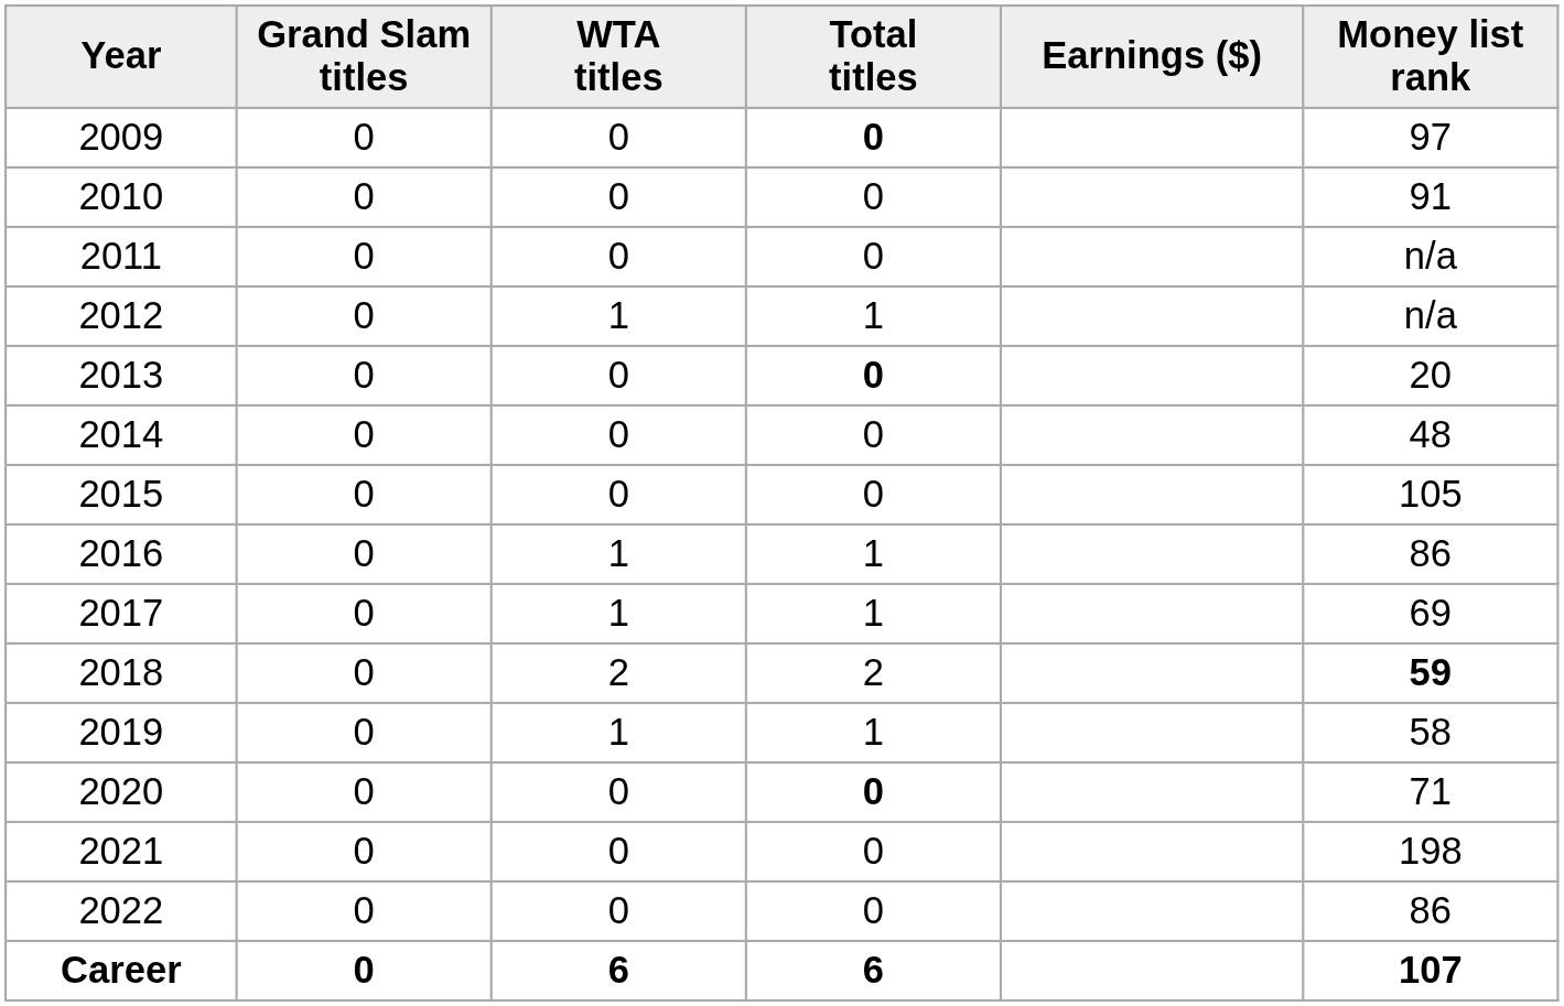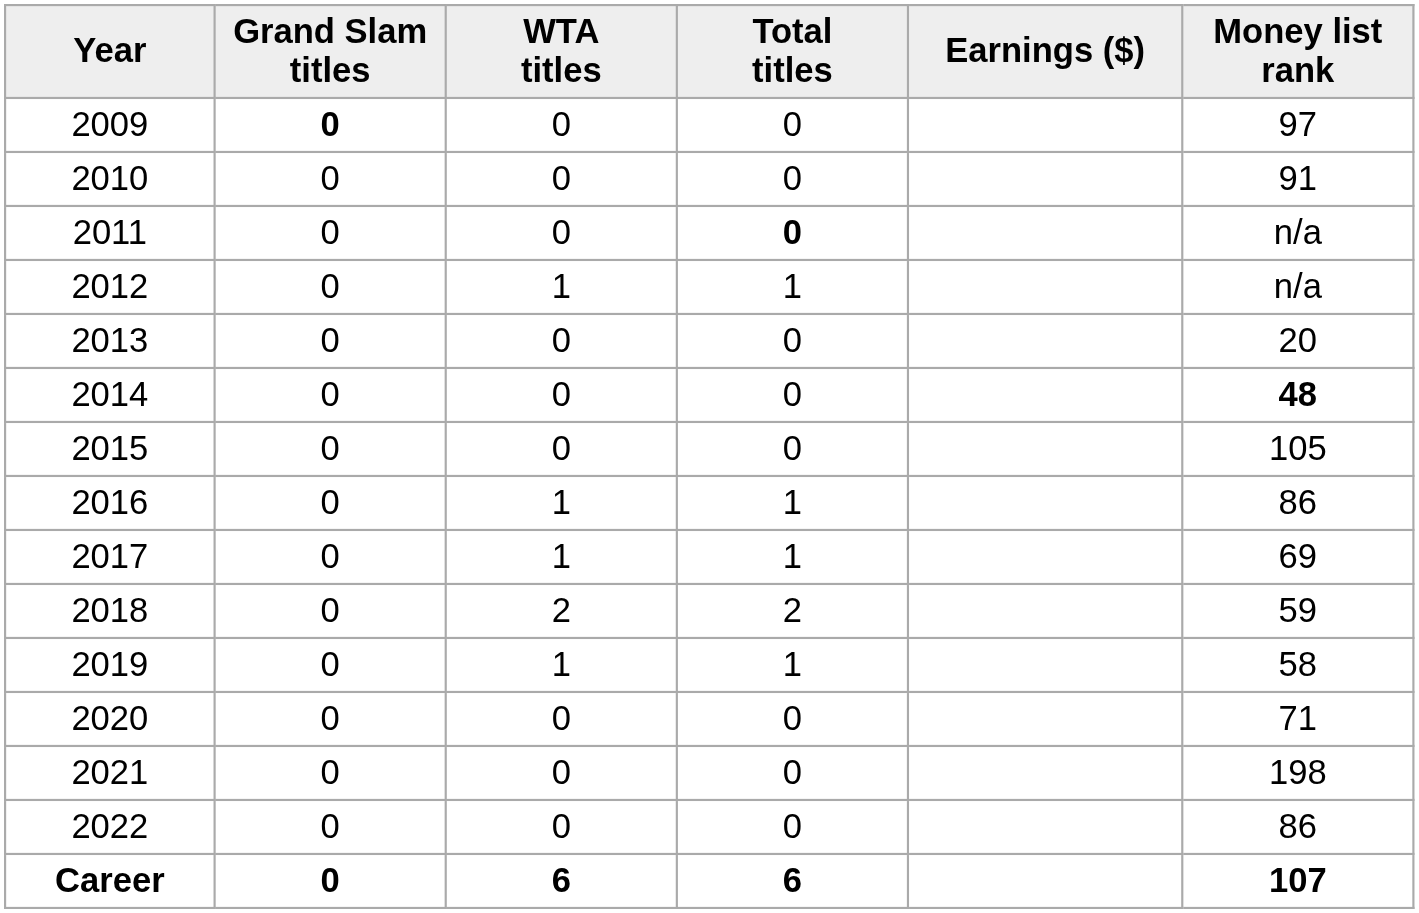 <table cellpadding=3 cellspacing=0 border=1 style=border:#aaa;solid:1px;border-collapse:collapse;text-align:center;>
 <tr style=background:#eee;font-weight:bold>
 <td width="90">Year</td>
 <td width="100">Grand Slam <br>titles</td>
 <td width="100">WTA <br>titles</td>
 <td width="100">Total <br>titles</td>
 <td width="120">Earnings ($)</td>
 <td width="100">Money list rank</td>
 </tr>
 <tr>
 <td>2009</td>
+<td><strong>0</strong></td>
 <td>0</td>
 <td>0</td>
-<td><strong>0</strong></td>
 <td align="right"></td>
 <td>97</td>
 </tr>
 <tr>
 <td>2010</td>
 <td>0</td>
 <td>0</td>
 <td>0</td>
 <td align="right"></td>
 <td>91</td>
 </tr>
 <tr>
 <td>2011</td>
 <td>0</td>
 <td>0</td>
-<td>0</td>
+<td><strong>0</strong></td>
 <td align="right"></td>
 <td>n/a</td>
 </tr>
 <tr>
 <td>2012</td>
 <td>0</td>
 <td>1</td>
 <td>1</td>
 <td align="right"></td>
 <td>n/a</td>
 </tr>
 <tr>
 <td>2013</td>
 <td>0</td>
 <td>0</td>
-<td><strong>0</strong></td>
+<td>0</td>
 <td align="right"></td>
 <td>20</td>
 </tr>
 <tr>
 <td>2014</td>
 <td>0</td>
 <td>0</td>
 <td>0</td>
 <td align="right"></td>
-<td>48</td>
+<td><strong>48</strong></td>
 </tr>
 <tr>
 <td>2015</td>
 <td>0</td>
 <td>0</td>
 <td>0</td>
 <td align="right"></td>
 <td>105</td>
 </tr>
 <tr>
 <td>2016</td>
 <td>0</td>
 <td>1</td>
 <td>1</td>
 <td align="right"></td>
 <td>86</td>
 </tr>
 <tr>
 <td>2017</td>
 <td>0</td>
 <td>1</td>
 <td>1</td>
 <td align="right"></td>
 <td>69</td>
 </tr>
 <tr>
 <td>2018</td>
 <td>0</td>
 <td>2</td>
 <td>2</td>
 <td align="right"></td>
-<td><strong>59</strong></td>
+<td>59</td>
 </tr>
 <tr>
 <td>2019</td>
 <td>0</td>
 <td>1</td>
 <td>1</td>
 <td style="text-align:right"></td>
 <td>58</td>
 </tr>
 <tr>
 <td>2020</td>
 <td>0</td>
 <td>0</td>
-<td><strong>0</strong></td>
+<td>0</td>
 <td align="right"></td>
 <td>71</td>
 </tr>
 <tr>
 <td>2021</td>
 <td>0</td>
 <td>0</td>
 <td>0</td>
 <td style="text-align:right"></td>
 <td>198</td>
 </tr>
 <tr>
 <td>2022</td>
 <td>0</td>
 <td>0</td>
 <td>0</td>
 <td style="text-align:right"></td>
 <td>86</td>
 </tr>
 <tr style="font-weight:bold;">
 <td>Career</td>
 <td>0</td>
 <td>6</td>
 <td>6</td>
 <td align="right"></td>
 <td>107</td>
 </tr>
 </table>
